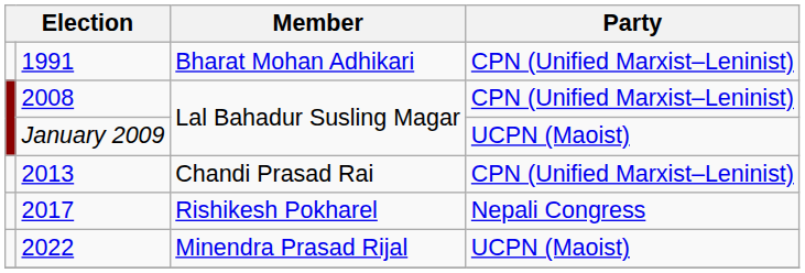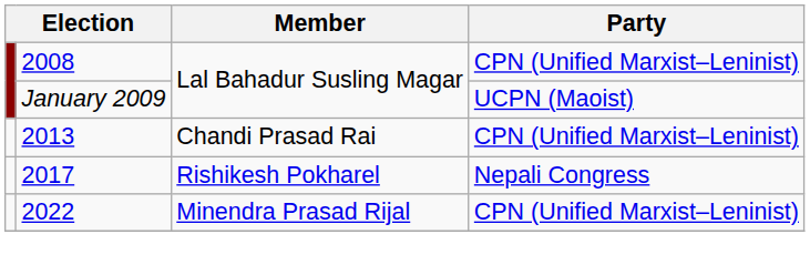 <table class="wikitable">
 <tr>
 <th colspan="2">Election</th>
 <th>Member</th>
 <th>Party</th>
-</tr>
-<tr>
-<td style="background-color:"></td>
-<td><a href='#'>1991</a></td>
-<td><a href='#'>Bharat Mohan Adhikari</a></td>
-<td><a href='#'>CPN (Unified Marxist–Leninist)</a></td>
 </tr>
 <tr>
 <td rowspan="2" style="background-color:darkred"></td>
 <td><a href='#'>2008</a></td>
 <td rowspan="2">Lal Bahadur Susling Magar</td>
 <td><a href='#'>CPN (Unified Marxist–Leninist)</a></td>
 </tr>
 <tr>
 <td><em>January 2009</em></td>
 <td><a href='#'>UCPN (Maoist)</a></td>
 </tr>
 <tr>
 <td style="background-color:"></td>
 <td><a href='#'>2013</a></td>
 <td>Chandi Prasad Rai</td>
 <td><a href='#'>CPN (Unified Marxist–Leninist)</a></td>
 </tr>
 <tr>
 <td style="background-color:"></td>
 <td><a href='#'>2017</a></td>
 <td><a href='#'>Rishikesh Pokharel</a></td>
 <td><a href='#'>Nepali Congress</a></td>
 </tr>
 <tr>
 <td style="background-color:"></td>
 <td><a href='#'>2022</a></td>
 <td><a href='#'>Minendra Prasad Rijal</a></td>
-<td><a href='#'>UCPN (Maoist)</a></td>
+<td><a href='#'>CPN (Unified Marxist–Leninist)</a></td>
 </tr>
 <tr>
 </tr>
 </table>
